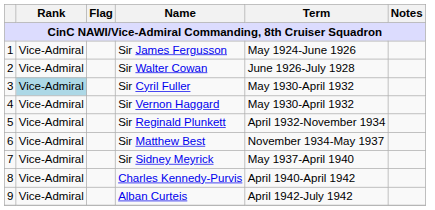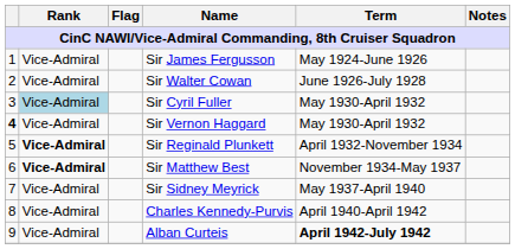 <table class="wikitable">
 <tr>
 <th></th>
 <th>Rank</th>
 <th>Flag</th>
 <th>Name</th>
 <th>Term</th>
 <th>Notes</th>
 </tr>
 <tr>
 <td colspan="6" align="center" style="background:#dcdcfe;"><strong>CinC NAWI/Vice-Admiral Commanding, 8th Cruiser Squadron</strong> </td>
 </tr>
 <tr>
 <td>1</td>
 <td>Vice-Admiral</td>
 <td></td>
 <td>Sir <a href='#'>James Fergusson</a></td>
 <td>May 1924-June 1926</td>
 <td></td>
 </tr>
 <tr>
 <td>2</td>
 <td>Vice-Admiral</td>
 <td></td>
 <td>Sir <a href='#'>Walter Cowan</a></td>
 <td>June 1926-July 1928</td>
 <td></td>
 </tr>
 <tr>
 <td>3</td>
 <td style="background: lightblue;">Vice-Admiral</td>
 <td></td>
 <td>Sir <a href='#'>Cyril Fuller</a></td>
 <td>May 1930-April 1932</td>
 <td></td>
 </tr>
 <tr>
-<td>4</td>
+<td><strong>4</strong></td>
 <td>Vice-Admiral</td>
 <td></td>
 <td>Sir <a href='#'>Vernon Haggard</a></td>
 <td>May 1930-April 1932</td>
 <td></td>
 </tr>
 <tr>
 <td>5</td>
-<td>Vice-Admiral</td>
+<td><strong>Vice-Admiral</strong></td>
 <td></td>
 <td>Sir <a href='#'>Reginald Plunkett</a></td>
 <td>April 1932-November 1934</td>
 <td></td>
 </tr>
 <tr>
 <td>6</td>
-<td>Vice-Admiral</td>
+<td><strong>Vice-Admiral</strong></td>
 <td></td>
 <td>Sir <a href='#'>Matthew Best</a></td>
 <td>November 1934-May 1937</td>
 <td></td>
 </tr>
 <tr>
 <td>7</td>
 <td>Vice-Admiral</td>
 <td></td>
 <td>Sir <a href='#'>Sidney Meyrick</a></td>
 <td>May 1937-April 1940</td>
 <td></td>
 </tr>
 <tr>
 <td>8</td>
 <td>Vice-Admiral</td>
 <td></td>
 <td><a href='#'>Charles Kennedy-Purvis</a></td>
 <td>April 1940-April 1942</td>
 <td></td>
 </tr>
 <tr>
 <td>9</td>
 <td>Vice-Admiral</td>
 <td></td>
 <td><a href='#'>Alban Curteis</a></td>
-<td>April 1942-July 1942</td>
+<td><strong>April 1942-July 1942</strong></td>
 <td></td>
 </tr>
 <tr>
 </tr>
 </table>
